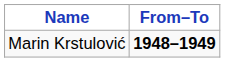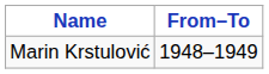 <table class="wikitable" style="text-align: left">
 <tr>
 <th style="color:#1C39BB; background:#FFFFFF;">Name</th>
 <th style="color:#1C39BB; background:#FFFFFF;">From–To</th>
 </tr>
 <tr>
 <td> Marin Krstulović</td>
-<td><strong>1948–1949</strong></td>
+<td>1948–1949</td>
 </tr>
 </table>
